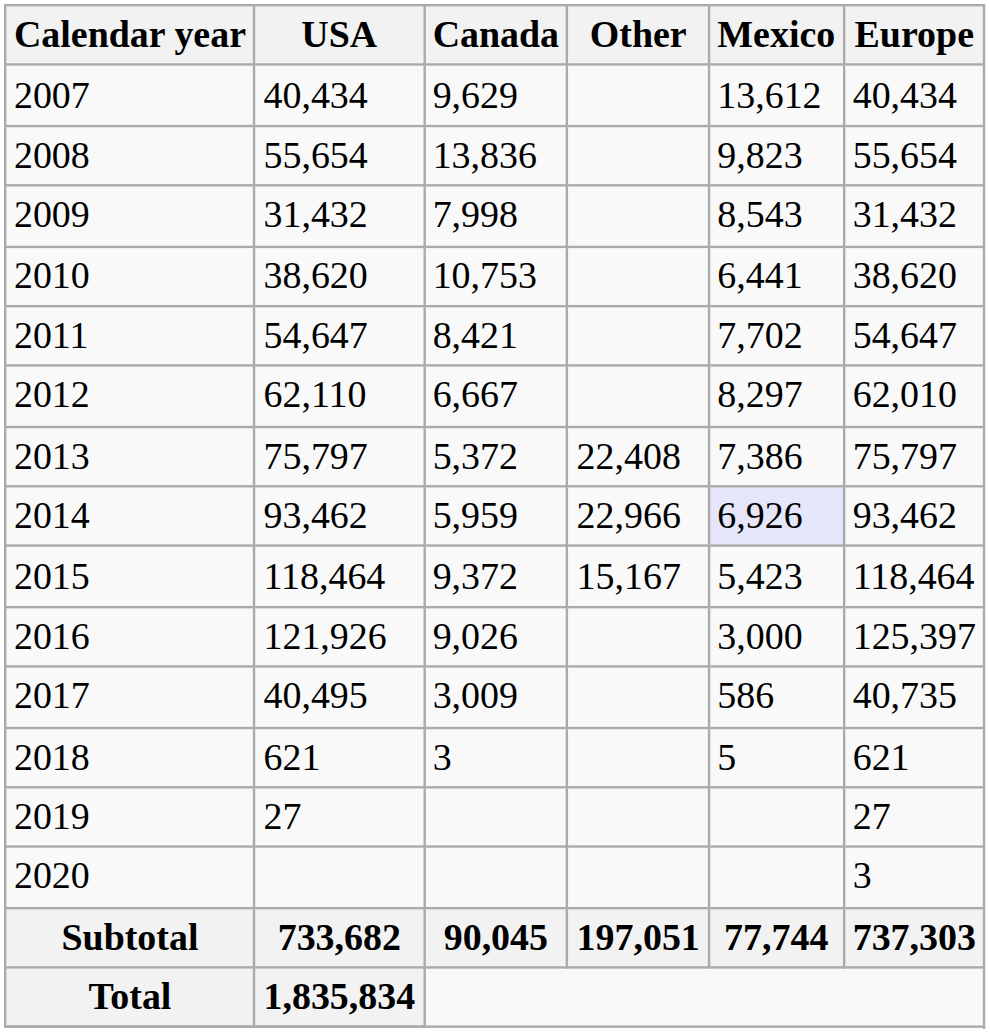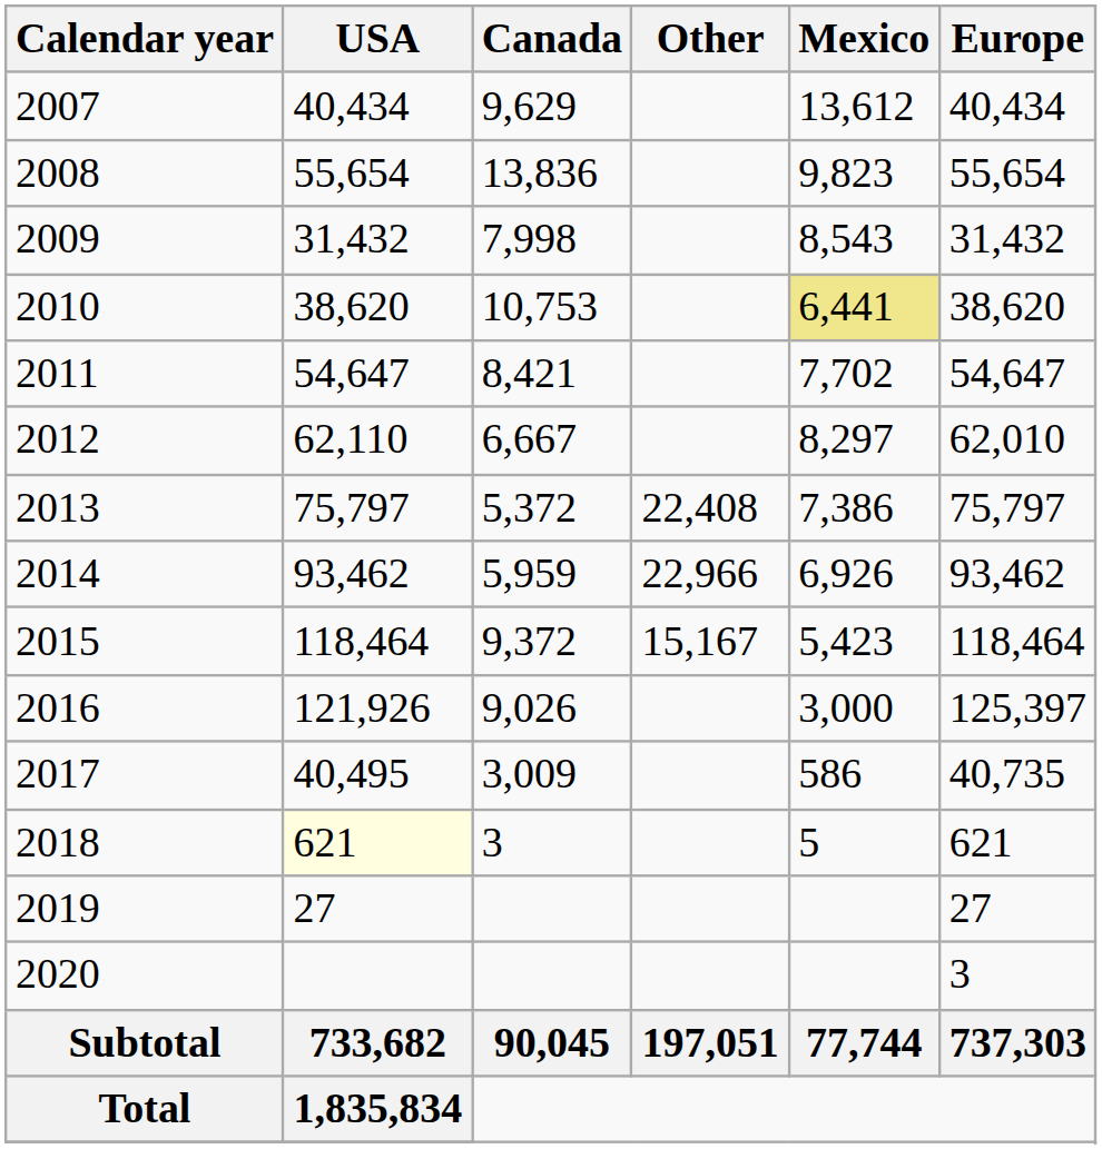 <table class="wikitable">
 <tr>
 <th>Calendar year</th>
 <th>USA</th>
 <th>Canada</th>
 <th>Other</th>
 <th>Mexico</th>
 <th>Europe</th>
 </tr>
 <tr>
 <td>2007</td>
 <td>40,434</td>
 <td>9,629</td>
 <td></td>
 <td>13,612</td>
 <td>40,434</td>
 </tr>
 <tr>
 <td>2008</td>
 <td>55,654</td>
 <td>13,836</td>
 <td></td>
 <td>9,823</td>
 <td>55,654</td>
 </tr>
 <tr>
 <td>2009</td>
 <td>31,432</td>
 <td>7,998</td>
 <td></td>
 <td>8,543</td>
 <td>31,432</td>
 </tr>
 <tr>
 <td>2010</td>
 <td>38,620</td>
 <td>10,753</td>
 <td></td>
-<td>6,441</td>
+<td style="background: khaki;">6,441</td>
 <td>38,620</td>
 </tr>
 <tr>
 <td>2011</td>
 <td>54,647</td>
 <td>8,421</td>
 <td></td>
 <td>7,702</td>
 <td>54,647</td>
 </tr>
 <tr>
 <td>2012</td>
 <td>62,110</td>
 <td>6,667</td>
 <td></td>
 <td>8,297</td>
 <td>62,010</td>
 </tr>
 <tr>
 <td>2013</td>
 <td>75,797</td>
 <td>5,372</td>
 <td>22,408</td>
 <td>7,386</td>
 <td>75,797</td>
 </tr>
 <tr>
 <td>2014</td>
 <td>93,462</td>
 <td>5,959</td>
 <td>22,966</td>
-<td style="background: lavender;">6,926</td>
+<td>6,926</td>
 <td>93,462</td>
 </tr>
 <tr>
 <td>2015</td>
 <td>118,464</td>
 <td>9,372</td>
 <td>15,167</td>
 <td>5,423</td>
 <td>118,464</td>
 </tr>
 <tr>
 <td>2016</td>
 <td>121,926</td>
 <td>9,026</td>
 <td></td>
 <td>3,000</td>
 <td>125,397</td>
 </tr>
 <tr>
 <td>2017</td>
 <td>40,495</td>
 <td>3,009</td>
 <td></td>
 <td>586</td>
 <td>40,735</td>
 </tr>
 <tr>
 <td>2018</td>
-<td>621</td>
+<td style="background: lightyellow;">621</td>
 <td>3</td>
 <td></td>
 <td>5</td>
 <td>621</td>
 </tr>
 <tr>
 <td>2019</td>
 <td>27</td>
 <td></td>
 <td></td>
 <td></td>
 <td>27</td>
 </tr>
 <tr>
 <td>2020</td>
 <td></td>
 <td></td>
 <td></td>
 <td></td>
 <td>3</td>
 </tr>
 <tr>
 <th>Subtotal</th>
 <th>733,682</th>
 <th>90,045</th>
 <th>197,051</th>
 <th>77,744</th>
 <th>737,303</th>
 </tr>
 <tr>
 <th>Total</th>
 <th>1,835,834</th>
 </tr>
 <tr>
 </tr>
 </table>
